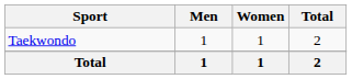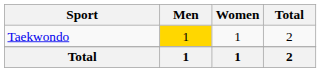 <table class="wikitable sortable" style="text-align:center;">
 <tr>
 <th width=180>Sport</th>
 <th width=55>Men</th>
 <th width=55>Women</th>
 <th width=55>Total</th>
 </tr>
 <tr>
 <td align=left><a href='#'>Taekwondo</a></td>
-<td>1</td>
+<td style="background: gold;">1</td>
 <td>1</td>
 <td>2</td>
 </tr>
 <tr>
 </tr>
 <tr class="sortbottom">
 <th>Total</th>
 <th>1</th>
 <th>1</th>
 <th>2</th>
 </tr>
 </table>
